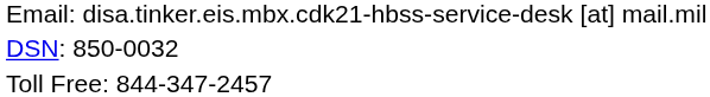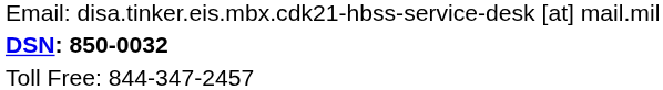 <table>
 <tr>
 <td>Email: disa.tinker.eis.mbx.cdk21-hbss-service-desk [at] mail.mil</td>
 </tr>
 <tr>
-<td><a href='#'>DSN</a>: 850-0032</td>
+<td><strong><a href='#'>DSN</a>: 850-0032</strong></td>
 </tr>
 <tr>
 <td>Toll Free: 844-347-2457</td>
 </tr>
 </table>
